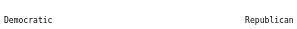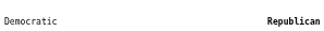 <table style="width:60em; text-align:center">
 <tr style="color:white">
 <td style="background:"><strong>55</strong></td>
 <td style="background:"><strong>45</strong></td>
 </tr>
 <tr>
 <td>Democratic</td>
-<td>Republican</td>
+<td><strong>Republican</strong></td>
 </tr>
 </table>
